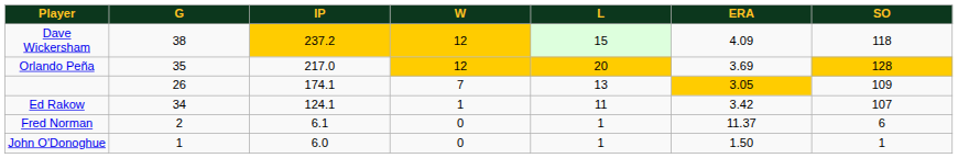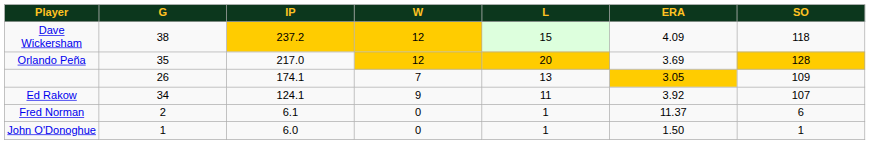 <table class="wikitable sortable">
 <tr>
 <th style="background:#0C371D;color:#ffc322;" width="5%">Player</th>
 <th style="background:#0C371D;color:#ffc322;" width="9%">G</th>
 <th style="background:#0C371D;color:#ffc322;" width="9%">IP</th>
 <th style="background:#0C371D;color:#ffc322;" width="9%">W</th>
 <th style="background:#0C371D;color:#ffc322;" width="9%">L</th>
 <th style="background:#0C371D;color:#ffc322;" width="9%">ERA</th>
 <th style="background:#0C371D;color:#ffc322;" width="9%">SO</th>
 </tr>
 <tr align="center">
 <td><a href='#'>Dave Wickersham</a></td>
 <td>38</td>
 <td style="background:#fc0;">237.2</td>
 <td style="background:#fc0;">12</td>
 <td style="background:#DDFFDD;">15</td>
 <td>4.09</td>
 <td>118</td>
 </tr>
 <tr align=center>
 <td><a href='#'>Orlando Peña</a></td>
 <td>35</td>
 <td>217.0</td>
 <td style="background:#fc0;">12</td>
 <td style="background:#fc0;">20</td>
 <td>3.69</td>
 <td style="background:#fc0;">128</td>
 </tr>
 <tr align=center>
 <td></td>
 <td>26</td>
 <td>174.1</td>
 <td>7</td>
 <td>13</td>
 <td style="background:#fc0;">3.05</td>
 <td>109</td>
 </tr>
 <tr align="center">
 <td><a href='#'>Ed Rakow</a></td>
 <td>34</td>
 <td>124.1</td>
-<td>1</td>
+<td>9</td>
 <td>11</td>
-<td>3.42</td>
+<td>3.92</td>
 <td>107</td>
 </tr>
 <tr align=center>
 <td><a href='#'>Fred Norman</a></td>
 <td>2</td>
 <td>6.1</td>
 <td>0</td>
 <td>1</td>
 <td>11.37</td>
 <td>6</td>
 </tr>
 <tr align=center>
 <td><a href='#'>John O'Donoghue</a></td>
 <td>1</td>
 <td>6.0</td>
 <td>0</td>
 <td>1</td>
 <td>1.50</td>
 <td>1</td>
 </tr>
 </table>
